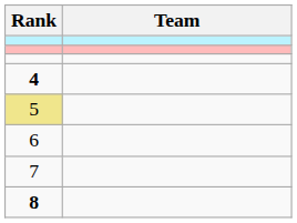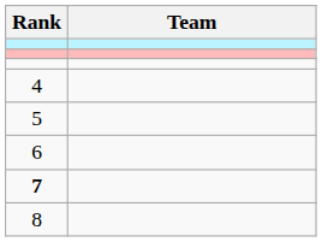 <table class="wikitable">
 <tr>
 <th width=40>Rank</th>
 <th width=180>Team</th>
 </tr>
 <tr bgcolor=#BBF3FF>
 <td align=center></td>
 <td></td>
 </tr>
 <tr bgcolor=#FFBBBB>
 <td align=center></td>
 <td></td>
 </tr>
 <tr>
 <td align=center></td>
 <td></td>
 </tr>
 <tr>
-<td align=center><strong>4</strong></td>
+<td align=center>4</td>
 <td></td>
 </tr>
 <tr>
-<td align=center style="background: khaki;">5</td>
+<td align=center>5</td>
 <td></td>
 </tr>
 <tr>
 <td align=center>6</td>
 <td></td>
 </tr>
 <tr>
-<td align=center>7</td>
+<td align=center><strong>7</strong></td>
 <td></td>
 </tr>
 <tr>
-<td align=center><strong>8</strong></td>
+<td align=center>8</td>
 <td></td>
 </tr>
 </table>
